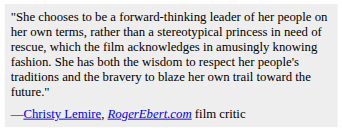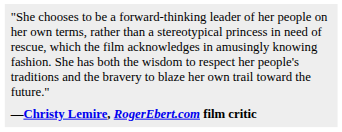 <table class="toccolours" style="float:right; margin-left:1em; margin-right:2em; font-size:85%; background:#eee; color:black; width:30em; max-width:40%;" cellspacing="5">
 <tr>
 <td style="text-align: left;">"She chooses to be a forward-thinking leader of her people on her own terms, rather than a stereotypical princess in need of rescue, which the film acknowledges in amusingly knowing fashion. She has both the wisdom to respect her people's traditions and the bravery to blaze her own trail toward the future."</td>
 </tr>
 <tr>
-<td style="text-align: left;">—<a href='#'>Christy Lemire</a>, <em><a href='#'>RogerEbert.com</a></em> film critic</td>
+<td style="text-align: left;"><strong>—<a href='#'>Christy Lemire</a>, <em><a href='#'>RogerEbert.com</a></em> film critic</strong></td>
 </tr>
 </table>
